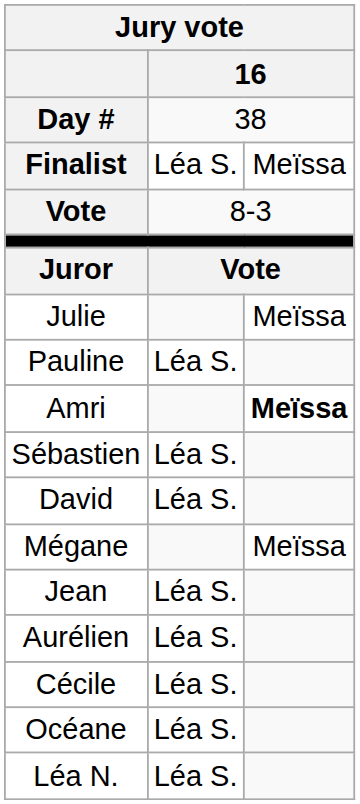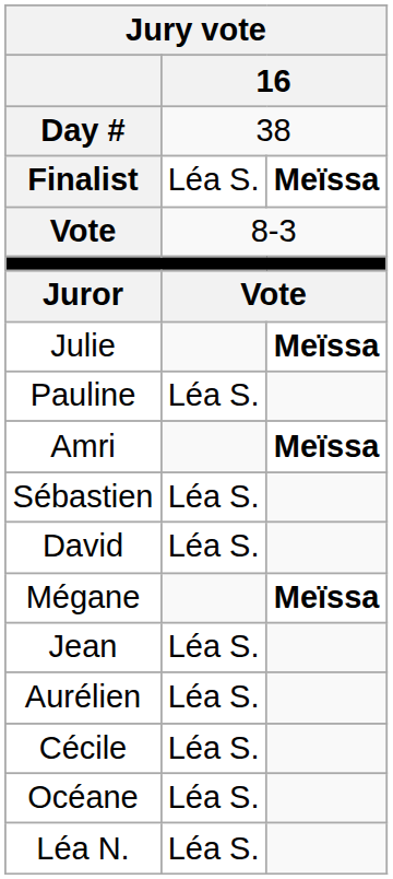 <table class="wikitable" style="text-align:center">
 <tr>
 <th colspan=3>Jury vote</th>
 </tr>
 <tr>
 <th></th>
 <th colspan="2">16</th>
 </tr>
 <tr>
 <th>Day #</th>
 <td colspan="2">38</td>
 </tr>
 <tr>
 <th>Finalist</th>
 <td bgcolor="white">Léa S.</td>
-<td bgcolor="white">Meïssa</td>
+<td bgcolor="white"><strong>Meïssa</strong></td>
 </tr>
 <tr>
 <th>Vote</th>
 <td colspan=2>8-3</td>
 </tr>
 <tr>
 <td colspan=13 bgcolor=black></td>
 </tr>
 <tr>
 <th>Juror</th>
 <th colspan=2>Vote</th>
 </tr>
 <tr>
 <td bgcolor="white">Julie</td>
 <td></td>
-<td bgcolor="white">Meïssa</td>
+<td bgcolor="white"><strong>Meïssa</strong></td>
 </tr>
 <tr>
 <td bgcolor="white">Pauline</td>
 <td bgcolor="white">Léa S.</td>
 <td></td>
 </tr>
 <tr>
 <td bgcolor="white">Amri</td>
 <td></td>
 <td bgcolor="white"><strong>Meïssa</strong></td>
 </tr>
 <tr>
 <td bgcolor="white">Sébastien</td>
 <td bgcolor="white">Léa S.</td>
 <td></td>
 </tr>
 <tr>
 <td bgcolor="white">David</td>
 <td bgcolor="white">Léa S.</td>
 <td></td>
 </tr>
 <tr>
 <td bgcolor="white">Mégane</td>
 <td></td>
-<td bgcolor="white">Meïssa</td>
+<td bgcolor="white"><strong>Meïssa</strong></td>
 </tr>
 <tr>
 <td bgcolor="white">Jean</td>
 <td bgcolor="white">Léa S.</td>
 <td></td>
 </tr>
 <tr>
 <td bgcolor="white">Aurélien</td>
 <td bgcolor="white">Léa S.</td>
 <td></td>
 </tr>
 <tr>
 <td bgcolor="white">Cécile</td>
 <td bgcolor="white">Léa S.</td>
 <td></td>
 </tr>
 <tr>
 <td bgcolor="white">Océane</td>
 <td bgcolor="white">Léa S.</td>
 <td></td>
 </tr>
 <tr>
 <td bgcolor="white">Léa N.</td>
 <td bgcolor="white">Léa S.</td>
 <td></td>
 </tr>
 <tr>
 </tr>
 </table>
